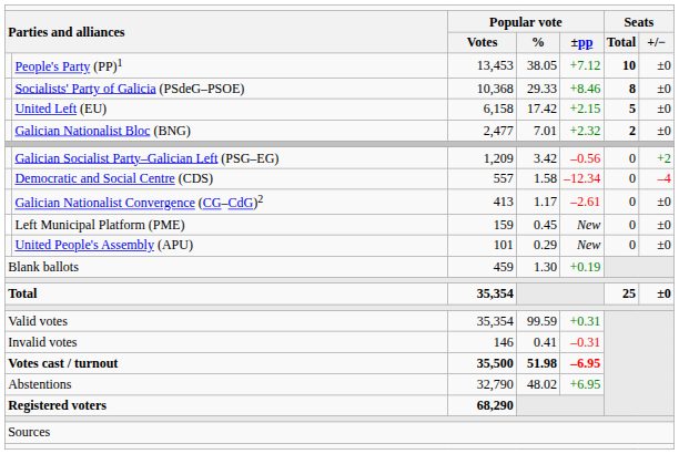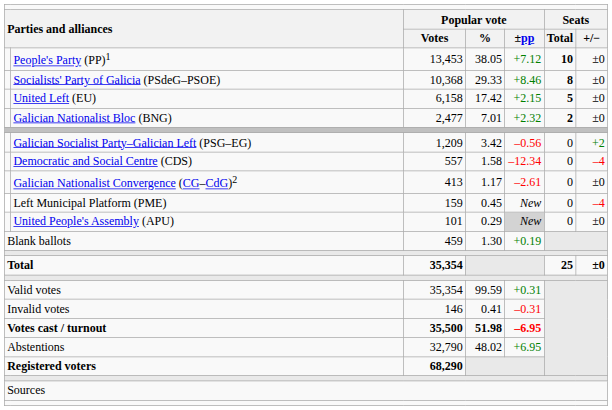 <table class="wikitable" style="text-align:right;">
 <tr>
 <td colspan="7"></td>
 </tr>
 <tr>
 <th style="text-align:left;" rowspan="2" colspan="2" width="525">Parties and alliances</th>
 <th colspan="3">Popular vote</th>
 <th colspan="2">Seats</th>
 </tr>
 <tr>
 <th width="75">Votes</th>
 <th width="45">%</th>
 <th width="45">±<a href='#'>pp</a></th>
 <th width="35">Total</th>
 <th width="35">+/−</th>
 </tr>
 <tr>
 <td width="1" style="color:inherit;background:"></td>
 <td align="left"><a href='#'>People's Party</a> (PP)<sup>1</sup></td>
 <td>13,453</td>
 <td>38.05</td>
 <td style="color:green;">+7.12</td>
 <td><strong>10</strong></td>
 <td>±0</td>
 </tr>
 <tr>
 <td style="color:inherit;background:"></td>
 <td align="left"><a href='#'>Socialists' Party of Galicia</a> (PSdeG–PSOE)</td>
 <td>10,368</td>
 <td>29.33</td>
 <td style="color:green;">+8.46</td>
 <td><strong>8</strong></td>
 <td>±0</td>
 </tr>
 <tr>
 <td style="color:inherit;background:"></td>
 <td align="left"><a href='#'>United Left</a> (EU)</td>
 <td>6,158</td>
 <td>17.42</td>
 <td style="color:green;">+2.15</td>
 <td><strong>5</strong></td>
 <td>±0</td>
 </tr>
 <tr>
 <td style="color:inherit;background:"></td>
 <td align="left"><a href='#'>Galician Nationalist Bloc</a> (BNG)</td>
 <td>2,477</td>
 <td>7.01</td>
 <td style="color:green;">+2.32</td>
 <td><strong>2</strong></td>
 <td>±0</td>
 </tr>
 <tr>
 <td colspan="7" bgcolor="#C0C0C0"></td>
 </tr>
 <tr>
 <td style="color:inherit;background:"></td>
 <td align="left"><a href='#'>Galician Socialist Party–Galician Left</a> (PSG–EG)</td>
 <td>1,209</td>
 <td>3.42</td>
 <td style="color:red;">–0.56</td>
 <td>0</td>
 <td style="color:green;">+2</td>
 </tr>
 <tr>
 <td style="color:inherit;background:"></td>
 <td align="left"><a href='#'>Democratic and Social Centre</a> (CDS)</td>
 <td>557</td>
 <td>1.58</td>
 <td style="color:red;">–12.34</td>
 <td>0</td>
 <td style="color:red;">–4</td>
 </tr>
 <tr>
 <td style="color:inherit;background:"></td>
 <td align="left"><a href='#'>Galician Nationalist Convergence</a> (<a href='#'>CG</a>–<a href='#'>CdG</a>)<sup>2</sup></td>
 <td>413</td>
 <td>1.17</td>
 <td style="color:red;">–2.61</td>
 <td>0</td>
 <td>±0</td>
 </tr>
 <tr>
 <td bgcolor="white"></td>
 <td align="left">Left Municipal Platform (PME)</td>
 <td>159</td>
 <td>0.45</td>
 <td><em>New</em></td>
 <td>0</td>
-<td>±0</td>
+<td style="color:red;">–4</td>
 </tr>
 <tr>
 <td style="color:inherit;background:"></td>
 <td align="left"><a href='#'>United People's Assembly</a> (APU)</td>
 <td>101</td>
 <td>0.29</td>
-<td><em>New</em></td>
+<td style="background: lightgrey;"><em>New</em></td>
 <td>0</td>
 <td>±0</td>
 </tr>
 <tr>
 <td align="left" colspan="2">Blank ballots</td>
 <td>459</td>
 <td>1.30</td>
 <td style="color:green;">+0.19</td>
 <td bgcolor="#E9E9E9" colspan="2"></td>
 </tr>
 <tr>
 <td colspan="7" bgcolor="#E9E9E9"></td>
 </tr>
 <tr style="font-weight:bold;">
 <td align="left" colspan="2">Total</td>
 <td>35,354</td>
 <td bgcolor="#E9E9E9" colspan="2"></td>
 <td>25</td>
 <td>±0</td>
 </tr>
 <tr>
 <td colspan="7" bgcolor="#E9E9E9"></td>
 </tr>
 <tr>
 <td align="left" colspan="2">Valid votes</td>
 <td>35,354</td>
 <td>99.59</td>
 <td style="color:green;">+0.31</td>
 <td bgcolor="#E9E9E9" colspan="2" rowspan="5"></td>
 </tr>
 <tr>
 <td align="left" colspan="2">Invalid votes</td>
 <td>146</td>
 <td>0.41</td>
 <td style="color:red;">–0.31</td>
 </tr>
 <tr style="font-weight:bold;">
 <td align="left" colspan="2">Votes cast / turnout</td>
 <td>35,500</td>
 <td>51.98</td>
 <td style="color:red;">–6.95</td>
 </tr>
 <tr>
 <td align="left" colspan="2">Abstentions</td>
 <td>32,790</td>
 <td>48.02</td>
 <td style="color:green;">+6.95</td>
 </tr>
 <tr style="font-weight:bold;">
 <td align="left" colspan="2">Registered voters</td>
 <td>68,290</td>
 <td bgcolor="#E9E9E9" colspan="2"></td>
 </tr>
 <tr>
 <td colspan="7" bgcolor="#E9E9E9"></td>
 </tr>
 <tr>
 <td align="left" colspan="7">Sources</td>
 </tr>
 <tr>
 <td colspan="7" style="text-align:left; max-width:790px;"></td>
 </tr>
 </table>
